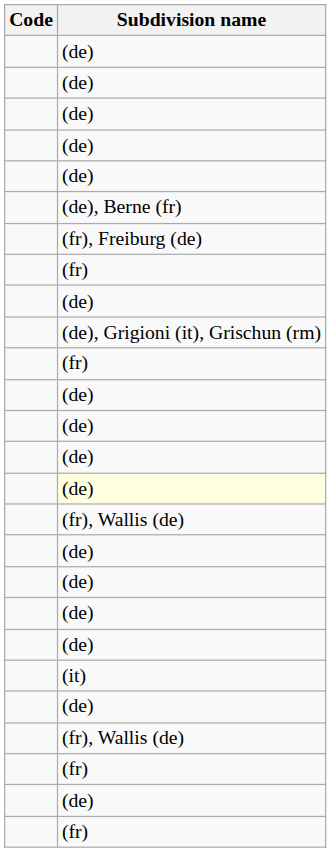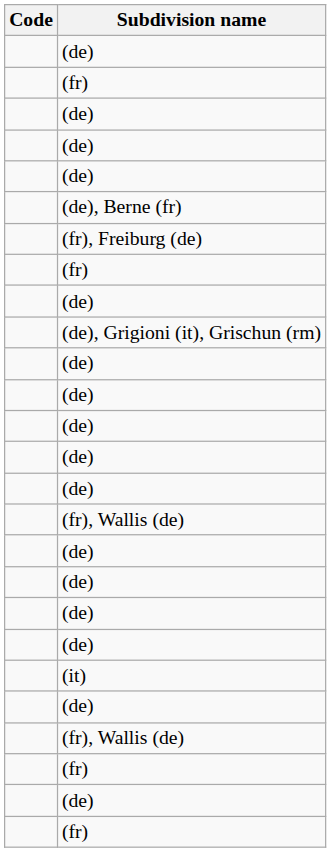 <table class="wikitable sortable">
 <tr>
 <th>Code</th>
 <th>Subdivision name</th>
 </tr>
 <tr>
 <td></td>
 <td> (de)</td>
 </tr>
 <tr>
 <td></td>
-<td> (de)</td>
+<td> (fr)</td>
 </tr>
 <tr>
 <td></td>
 <td> (de)</td>
 </tr>
 <tr>
 <td></td>
 <td> (de)</td>
 </tr>
 <tr>
 <td></td>
 <td> (de)</td>
 </tr>
 <tr>
 <td></td>
 <td> (de), Berne (fr)</td>
 </tr>
 <tr>
 <td></td>
 <td> (fr), Freiburg (de)</td>
 </tr>
 <tr>
 <td></td>
 <td> (fr)</td>
 </tr>
 <tr>
 <td></td>
 <td> (de)</td>
 </tr>
 <tr>
 <td></td>
 <td> (de), Grigioni (it), Grischun (rm)</td>
 </tr>
 <tr>
 <td></td>
-<td> (fr)</td>
+<td> (de)</td>
 </tr>
 <tr>
 <td></td>
 <td> (de)</td>
 </tr>
 <tr>
 <td></td>
 <td> (de)</td>
 </tr>
 <tr>
 <td></td>
 <td> (de)</td>
 </tr>
 <tr>
 <td></td>
-<td style="background: lightyellow;"> (de)</td>
+<td> (de)</td>
 </tr>
 <tr>
 <td></td>
 <td> (fr), Wallis (de)</td>
 </tr>
 <tr>
 <td></td>
 <td> (de)</td>
 </tr>
 <tr>
 <td></td>
 <td> (de)</td>
 </tr>
 <tr>
 <td></td>
 <td> (de)</td>
 </tr>
 <tr>
 <td></td>
 <td> (de)</td>
 </tr>
 <tr>
 <td></td>
 <td> (it)</td>
 </tr>
 <tr>
 <td></td>
 <td> (de)</td>
 </tr>
 <tr>
 <td></td>
 <td> (fr), Wallis (de)</td>
 </tr>
 <tr>
 <td></td>
 <td> (fr)</td>
 </tr>
 <tr>
 <td></td>
 <td> (de)</td>
 </tr>
 <tr>
 <td></td>
 <td> (fr)</td>
 </tr>
 </table>
